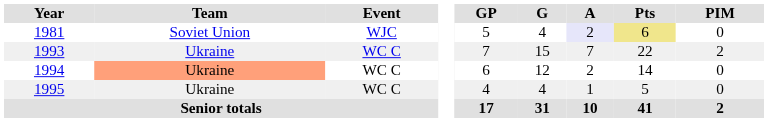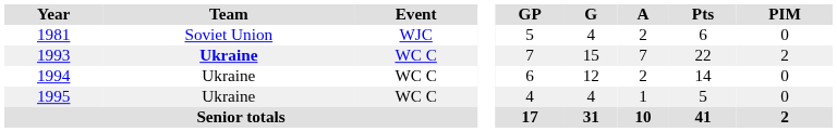 <table border="0" cellpadding="1" cellspacing="0" style="text-align:center; width:50em">
 <tr ALIGN="center" bgcolor="#e0e0e0">
 <th>Year</th>
 <th>Team</th>
 <th>Event</th>
 <th ALIGN="center" rowspan="99" bgcolor="#ffffff"> </th>
 <th>GP</th>
 <th>G</th>
 <th>A</th>
 <th>Pts</th>
 <th>PIM</th>
 </tr>
 <tr>
 <td><a href='#'>1981</a></td>
 <td><a href='#'>Soviet Union</a></td>
 <td><a href='#'>WJC</a></td>
 <td>5</td>
 <td>4</td>
-<td style="background: lavender;">2</td>
-<td style="background: khaki;">6</td>
+<td>2</td>
+<td>6</td>
 <td>0</td>
 </tr>
 <tr bgcolor="#f0f0f0">
 <td><a href='#'>1993</a></td>
-<td><a href='#'>Ukraine</a></td>
+<td><strong><a href='#'>Ukraine</a></strong></td>
 <td><a href='#'>WC C</a></td>
 <td>7</td>
 <td>15</td>
 <td>7</td>
 <td>22</td>
 <td>2</td>
 </tr>
 <tr>
 <td><a href='#'>1994</a></td>
-<td style="background: lightsalmon;">Ukraine</td>
+<td>Ukraine</td>
 <td>WC C</td>
 <td>6</td>
 <td>12</td>
 <td>2</td>
 <td>14</td>
 <td>0</td>
 </tr>
 <tr bgcolor="#f0f0f0">
 <td><a href='#'>1995</a></td>
 <td>Ukraine</td>
 <td>WC C</td>
 <td>4</td>
 <td>4</td>
 <td>1</td>
 <td>5</td>
 <td>0</td>
 </tr>
 <tr bgcolor="#e0e0e0">
 <th colspan=3>Senior totals</th>
 <th>17</th>
 <th>31</th>
 <th>10</th>
 <th>41</th>
 <th>2</th>
 </tr>
 </table>
